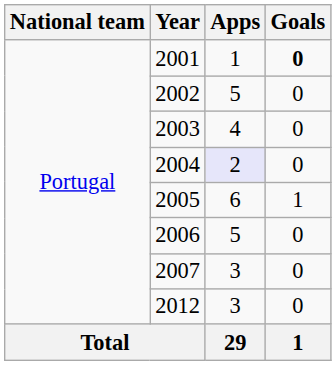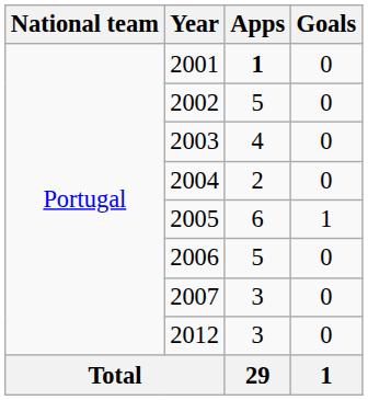 <table class="wikitable" style="text-align:center">
 <tr>
 <th>National team</th>
 <th>Year</th>
 <th>Apps</th>
 <th>Goals</th>
 </tr>
 <tr>
 <td rowspan="8"><a href='#'>Portugal</a></td>
 <td>2001</td>
-<td>1</td>
-<td><strong>0</strong></td>
+<td><strong>1</strong></td>
+<td>0</td>
 </tr>
 <tr>
 <td>2002</td>
 <td>5</td>
 <td>0</td>
 </tr>
 <tr>
 <td>2003</td>
 <td>4</td>
 <td>0</td>
 </tr>
 <tr>
 <td>2004</td>
-<td style="background: lavender;">2</td>
+<td>2</td>
 <td>0</td>
 </tr>
 <tr>
 <td>2005</td>
 <td>6</td>
 <td>1</td>
 </tr>
 <tr>
 <td>2006</td>
 <td>5</td>
 <td>0</td>
 </tr>
 <tr>
 <td>2007</td>
 <td>3</td>
 <td>0</td>
 </tr>
 <tr>
 <td>2012</td>
 <td>3</td>
 <td>0</td>
 </tr>
 <tr>
 <th colspan="2">Total</th>
 <th>29</th>
 <th>1</th>
 </tr>
 </table>
